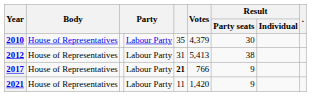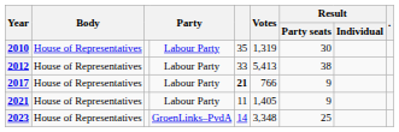 <table class="wikitable plainrowheaders sortable" border=2 cellpadding=4 cellspacing=0 style="border: 1px #aaa solid; font-size: 90%; text-align:center;">
 <tr>
 <th scope="col" rowspan=2>Year</th>
 <th scope="col" rowspan=2>Body</th>
 <th scope="col" colspan=2 rowspan=2>Party</th>
 <th scope="col" rowspan=2></th>
 <th scope="col" rowspan=2>Votes</th>
 <th scope="colgroup" colspan=2>Result</th>
 <th scope="col" rowspan=2 class="unsortable">.</th>
 </tr>
 <tr>
 <th scope="col">Party seats</th>
 <th scope="col">Individual</th>
 </tr>
 <tr>
 <th scope="row"><a href='#'>2010</a></th>
 <td><a href='#'>House of Representatives</a></td>
 <td style="background-color:"></td>
 <td><a href='#'>Labour Party</a></td>
 <td style=text-align:right>35</td>
-<td style=text-align:right>4,379</td>
+<td style=text-align:right>1,319</td>
 <td style=text-align:right>30</td>
 <td></td>
 <td></td>
 </tr>
 <tr>
 <th scope="row"><a href='#'>2012</a></th>
 <td>House of Representatives</td>
 <td style="background-color:"></td>
 <td>Labour Party</td>
-<td style=text-align:right>31</td>
+<td style=text-align:right>33</td>
 <td style=text-align:right>5,413</td>
 <td style=text-align:right>38</td>
 <td></td>
 <td></td>
 </tr>
 <tr>
 <th scope="row"><a href='#'>2017</a></th>
 <td>House of Representatives</td>
 <td style="background-color:"></td>
 <td>Labour Party</td>
 <td style=text-align:right><strong>21</strong></td>
 <td style=text-align:right>766</td>
 <td style=text-align:right>9</td>
 <td></td>
 <td></td>
 </tr>
 <tr>
 <th scope="row"><a href='#'>2021</a></th>
 <td>House of Representatives</td>
 <td style="background-color:"></td>
 <td>Labour Party</td>
 <td style=text-align:right>11</td>
-<td style=text-align:right>1,420</td>
+<td style=text-align:right>1,405</td>
 <td style=text-align:right>9</td>
 <td></td>
 <td></td>
 </tr>
+<tr>
+<th scope="row"><a href='#'>2023</a></th>
+<td>House of Representatives</td>
+<td style="background-color:"></td>
+<td><a href='#'>GroenLinks–PvdA</a></td>
+<td style=text-align:right><a href='#'>14</a></td>
+<td style=text-align:right>3,348</td>
+<td style=text-align:right>25</td>
+<td></td>
+<td></td>
+</tr>
 </table>
